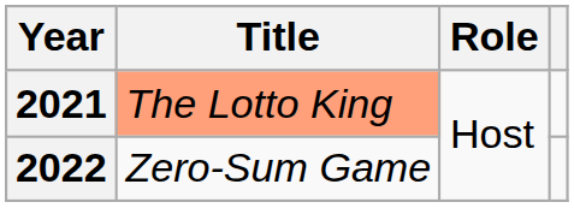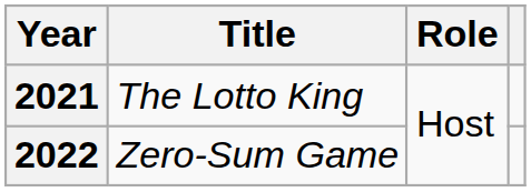 <table class="wikitable plainrowheaders">
 <tr>
 <th scope="col">Year</th>
 <th scope="col">Title</th>
 <th scope="col">Role</th>
 <th scope="col" class="unsortable"></th>
 </tr>
 <tr>
 <th scope="row">2021</th>
-<td style="background: lightsalmon;"><em>The Lotto King</em></td>
+<td><em>The Lotto King</em></td>
 <td rowspan=2>Host</td>
 <td style="text-align:center"></td>
 </tr>
 <tr>
 <th scope="row">2022</th>
 <td><em>Zero-Sum Game</em></td>
 <td style="text-align:center"></td>
 </tr>
 </table>
